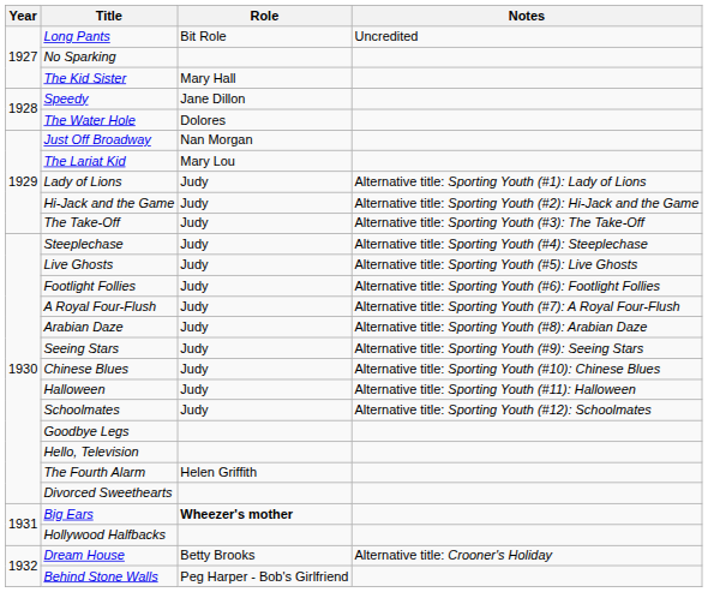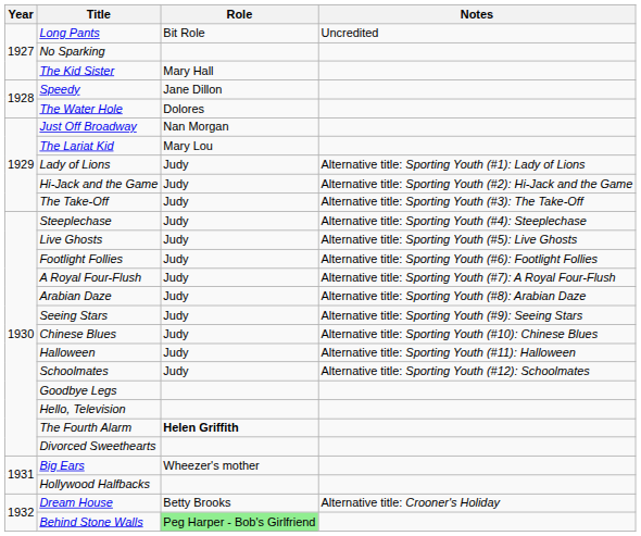 <table class="wikitable" style="font-size: 90%;">
 <tr>
 <th>Year</th>
 <th>Title</th>
 <th>Role</th>
 <th>Notes</th>
 </tr>
 <tr>
 <td rowspan=3>1927</td>
 <td><em><a href='#'>Long Pants</a></em></td>
 <td>Bit Role</td>
 <td>Uncredited</td>
 </tr>
 <tr>
 <td><em>No Sparking</em></td>
 <td></td>
 <td></td>
 </tr>
 <tr>
 <td><em><a href='#'>The Kid Sister</a></em></td>
 <td>Mary Hall</td>
 <td></td>
 </tr>
 <tr>
 <td rowspan=2>1928</td>
 <td><em><a href='#'>Speedy</a></em></td>
 <td>Jane Dillon</td>
 <td></td>
 </tr>
 <tr>
 <td><em><a href='#'>The Water Hole</a></em></td>
 <td>Dolores</td>
 <td></td>
 </tr>
 <tr>
 <td rowspan=5>1929</td>
 <td><em><a href='#'>Just Off Broadway</a></em></td>
 <td>Nan Morgan</td>
 <td></td>
 </tr>
 <tr>
 <td><em><a href='#'>The Lariat Kid</a></em></td>
 <td>Mary Lou</td>
 <td></td>
 </tr>
 <tr>
 <td><em>Lady of Lions</em></td>
 <td>Judy</td>
 <td>Alternative title: <em>Sporting Youth (#1): Lady of Lions</em></td>
 </tr>
 <tr>
 <td><em>Hi-Jack and the Game</em></td>
 <td>Judy</td>
 <td>Alternative title: <em>Sporting Youth (#2): Hi-Jack and the Game</em></td>
 </tr>
 <tr>
 <td><em>The Take-Off</em></td>
 <td>Judy</td>
 <td>Alternative title: <em>Sporting Youth (#3): The Take-Off</em></td>
 </tr>
 <tr>
 <td rowspan=13>1930</td>
 <td><em>Steeplechase</em></td>
 <td>Judy</td>
 <td>Alternative title: <em>Sporting Youth (#4): Steeplechase</em></td>
 </tr>
 <tr>
 <td><em>Live Ghosts</em></td>
 <td>Judy</td>
 <td>Alternative title: <em>Sporting Youth (#5): Live Ghosts</em></td>
 </tr>
 <tr>
 <td><em>Footlight Follies</em></td>
 <td>Judy</td>
 <td>Alternative title: <em>Sporting Youth (#6): Footlight Follies</em></td>
 </tr>
 <tr>
 <td><em>A Royal Four-Flush</em></td>
 <td>Judy</td>
 <td>Alternative title: <em>Sporting Youth (#7): A Royal Four-Flush</em></td>
 </tr>
 <tr>
 <td><em>Arabian Daze</em></td>
 <td>Judy</td>
 <td>Alternative title: <em>Sporting Youth (#8): Arabian Daze</em></td>
 </tr>
 <tr>
 <td><em>Seeing Stars</em></td>
 <td>Judy</td>
 <td>Alternative title: <em>Sporting Youth (#9): Seeing Stars</em></td>
 </tr>
 <tr>
 <td><em>Chinese Blues</em></td>
 <td>Judy</td>
 <td>Alternative title: <em>Sporting Youth (#10): Chinese Blues</em></td>
 </tr>
 <tr>
 <td><em>Halloween</em></td>
 <td>Judy</td>
 <td>Alternative title: <em>Sporting Youth (#11): Halloween</em></td>
 </tr>
 <tr>
 <td><em>Schoolmates</em></td>
 <td>Judy</td>
 <td>Alternative title: <em>Sporting Youth (#12): Schoolmates</em></td>
 </tr>
 <tr>
 <td><em>Goodbye Legs</em></td>
 <td></td>
 <td></td>
 </tr>
 <tr>
 <td><em>Hello, Television</em></td>
 <td></td>
 <td></td>
 </tr>
 <tr>
 <td><em>The Fourth Alarm</em></td>
-<td>Helen Griffith</td>
+<td><strong>Helen Griffith</strong></td>
 <td></td>
 </tr>
 <tr>
 <td><em>Divorced Sweethearts</em></td>
 <td></td>
 <td></td>
 </tr>
 <tr>
 <td rowspan=2>1931</td>
 <td><em><a href='#'>Big Ears</a></em></td>
-<td><strong>Wheezer's mother</strong></td>
+<td>Wheezer's mother</td>
 <td></td>
 </tr>
 <tr>
 <td><em>Hollywood Halfbacks</em></td>
 <td></td>
 <td></td>
 </tr>
 <tr>
 <td rowspan=2>1932</td>
 <td><em><a href='#'>Dream House</a></em></td>
 <td>Betty Brooks</td>
 <td>Alternative title: <em>Crooner's Holiday</em></td>
 </tr>
 <tr>
 <td><em><a href='#'>Behind Stone Walls</a></em></td>
-<td>Peg Harper - Bob's Girlfriend</td>
+<td style="background: lightgreen;">Peg Harper - Bob's Girlfriend</td>
 <td></td>
 </tr>
 </table>
